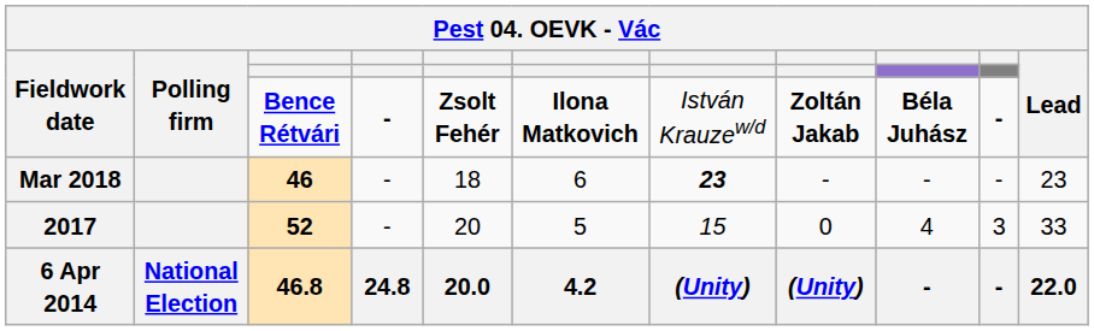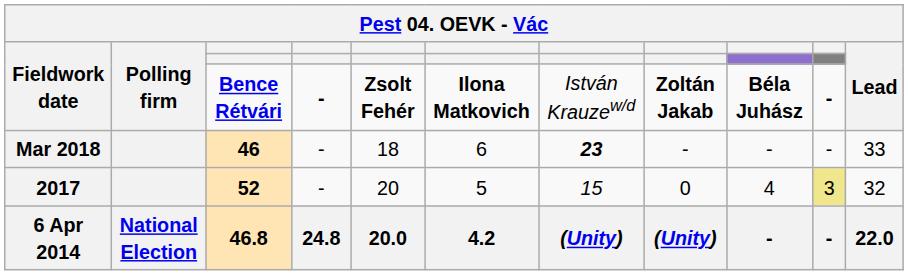 <table class="wikitable mw-collapsible mw-collapsed" style="text-align:center">
 <tr>
 <th colspan="11" style="width: 980pt;"><small><a href='#'>Pest</a> 04. OEVK - <a href='#'>Vác</a></small></th>
 </tr>
 <tr>
 <th rowspan="3" style="width: 80pt;"><small>Fieldwork</small> <small>date</small></th>
 <th rowspan="3" style="width: 80pt;"><strong><small>Polling</small> <small>firm</small></strong></th>
 <th style="width: 100pt;"><small></small></th>
 <th style="width: 100pt;"><small> </small></th>
 <th style="width: 100pt;"></th>
 <th style="width: 100pt;"></th>
 <th style="width: 100pt;"></th>
 <th style="width: 100pt;"></th>
 <th style="width: 100pt;"></th>
 <th style="width: 100pt;"></th>
 <th rowspan="3" style="width: 20pt;"><small>Lead</small></th>
 </tr>
 <tr>
 <th style="color:inherit;background:"></th>
 <th style="color:inherit;background:"></th>
 <th style="color:inherit;background:"></th>
 <th style="color:inherit;background:"></th>
 <th style="color:inherit;background:"></th>
 <th style="color:inherit;background:"></th>
 <th style="color:inherit;background:#8E6FCE;"></th>
 <th style="color:inherit;background:#808080;"></th>
 </tr>
 <tr>
 <td><a href='#'><small><strong>Bence Rétvári</strong></small></a></td>
 <td><small><strong>-</strong></small></td>
 <td><small><strong>Zsolt Fehér</strong></small></td>
 <td><small><strong>Ilona Matkovich</strong></small></td>
 <td><small><em>István Krauze<sup>w/d</sup></em></small></td>
 <td><small><strong>Zoltán Jakab</strong></small></td>
 <td><small><strong>Béla Juhász</strong></small></td>
 <td><small><strong>-</strong></small></td>
 </tr>
 <tr>
 <th><small>Mar 2018</small></th>
 <th><small></small></th>
 <td style="background:#FFE5B4"><small><strong>46</strong></small></td>
 <td><small>-</small></td>
 <td><small>18</small></td>
 <td><small>6</small></td>
 <td><strong><small><em>23</em></small></strong></td>
 <td><small>-</small></td>
 <td><small>-</small></td>
 <td><small>-</small></td>
-<td style="background:"><small>23</small></td>
+<td style="background:"><small>33</small></td>
 </tr>
 <tr>
 <th><small>2017</small></th>
 <th><small></small></th>
 <td style="background:#FFE5B4"><small><strong>52</strong></small></td>
 <td><small>-</small></td>
 <td><small>20</small></td>
 <td><small>5</small></td>
 <td><small><em>15</em></small></td>
 <td><small>0</small></td>
 <td><small>4</small></td>
-<td><small>3</small></td>
-<td style="background:"><small>33</small></td>
+<td style="background: khaki;"><small>3</small></td>
+<td style="background:"><small>32</small></td>
 </tr>
 <tr>
 <th><small>6 Apr 2014</small></th>
 <th><a href='#'><small>National Election</small></a></th>
 <th style="background:#FFE5B4"><small><strong>46.8</strong></small></th>
 <th><small>24.8</small></th>
 <th><small>20.0</small></th>
 <th><small>4.2</small></th>
 <th><small><em>(<a href='#'>Unity</a>)</em></small></th>
 <th><small><em>(<a href='#'>Unity</a>)</em></small></th>
 <th><small>-</small></th>
 <th><small>-</small></th>
 <th style="background:"><small>22.0</small></th>
 </tr>
 </table>
